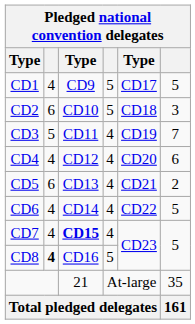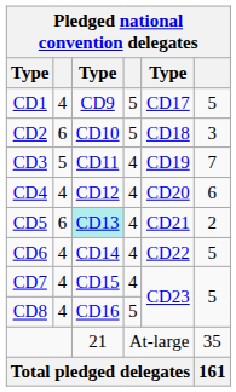 <table class="wikitable sortable" style="font-size:90%;text-align:center;float:right;padding:5px;">
 <tr>
 <th colspan="6">Pledged <a href='#'>national<br>convention</a> delegates</th>
 </tr>
 <tr>
 <th>Type</th>
 <th></th>
 <th>Type</th>
 <th></th>
 <th>Type</th>
 <th></th>
 </tr>
 <tr>
 <td><a href='#'>CD1</a></td>
 <td>4</td>
 <td><a href='#'>CD9</a></td>
 <td>5</td>
 <td><a href='#'>CD17</a></td>
 <td>5</td>
 </tr>
 <tr>
 <td><a href='#'>CD2</a></td>
 <td>6</td>
 <td><a href='#'>CD10</a></td>
 <td>5</td>
 <td><a href='#'>CD18</a></td>
 <td>3</td>
 </tr>
 <tr>
 <td><a href='#'>CD3</a></td>
 <td>5</td>
 <td><a href='#'>CD11</a></td>
 <td>4</td>
 <td><a href='#'>CD19</a></td>
 <td>7</td>
 </tr>
 <tr>
 <td><a href='#'>CD4</a></td>
 <td>4</td>
 <td><a href='#'>CD12</a></td>
 <td>4</td>
 <td><a href='#'>CD20</a></td>
 <td>6</td>
 </tr>
 <tr>
 <td><a href='#'>CD5</a></td>
 <td>6</td>
-<td><a href='#'>CD13</a></td>
+<td style="background: paleturquoise;"><a href='#'>CD13</a></td>
 <td>4</td>
 <td><a href='#'>CD21</a></td>
 <td>2</td>
 </tr>
 <tr>
 <td><a href='#'>CD6</a></td>
 <td>4</td>
 <td><a href='#'>CD14</a></td>
 <td>4</td>
 <td><a href='#'>CD22</a></td>
 <td>5</td>
 </tr>
 <tr>
 <td><a href='#'>CD7</a></td>
 <td>4</td>
-<td><strong><a href='#'>CD15</a></strong></td>
+<td><a href='#'>CD15</a></td>
 <td>4</td>
 <td rowspan="2"><a href='#'>CD23</a></td>
 <td rowspan="2">5</td>
 </tr>
 <tr>
 <td><a href='#'>CD8</a></td>
-<td><strong>4</strong></td>
+<td>4</td>
 <td><a href='#'>CD16</a></td>
 <td>5</td>
 </tr>
 <tr>
 <td colspan=2></td>
 <td>21</td>
 <td colspan=2>At-large</td>
 <td>35</td>
 </tr>
 <tr>
 <th colspan=5>Total pledged delegates</th>
 <th>161</th>
 </tr>
 </table>
